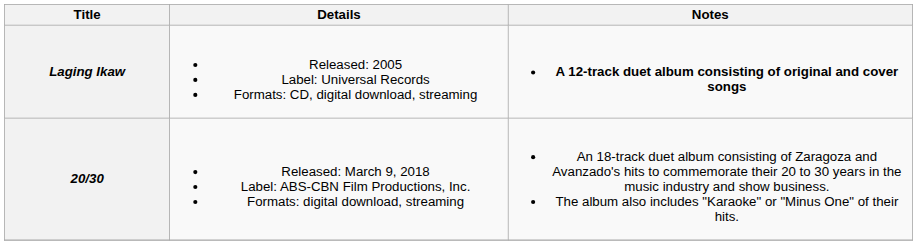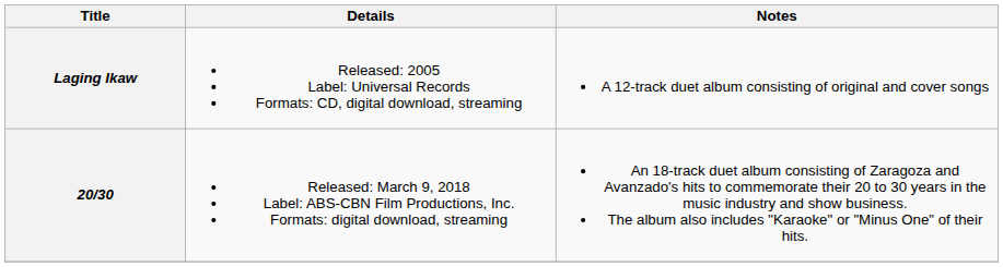 <table class="wikitable plainrowheaders" style="text-align:center;">
 <tr>
 <th scope="col" style="width:12em;">Title</th>
 <th scope="col" style="width:25em;">Details</th>
 <th scope="col" style="width:30em;">Notes</th>
 </tr>
 <tr>
 <th scope="row"><em>Laging Ikaw</em><br></th>
 <td><br><ul><li>Released: 2005</li><li>Label: Universal Records</li><li>Formats: CD, digital download, streaming</li></ul></td>
-<td><strong><br><ul><li>A 12-track duet album consisting of original and cover songs</li></ul></strong></td>
+<td><br><ul><li>A 12-track duet album consisting of original and cover songs</li></ul></td>
 </tr>
 <tr>
 <th scope="row"><em>20/30</em><br></th>
 <td><br><ul><li>Released: March 9, 2018</li><li>Label: ABS-CBN Film Productions, Inc.</li><li>Formats: digital download, streaming</li></ul></td>
 <td><br><ul><li>An 18-track duet album consisting of Zaragoza and Avanzado's hits to commemorate their 20 to 30 years in the music industry and show business.</li><li>The album also includes "Karaoke" or "Minus One" of their hits.</li></ul></td>
 </tr>
 <tr>
 </tr>
 </table>
